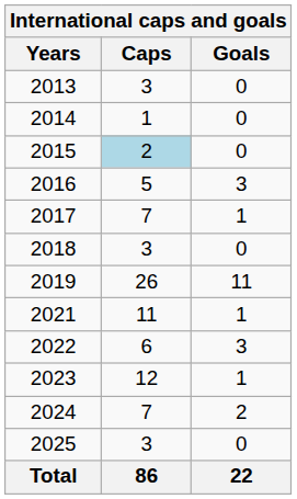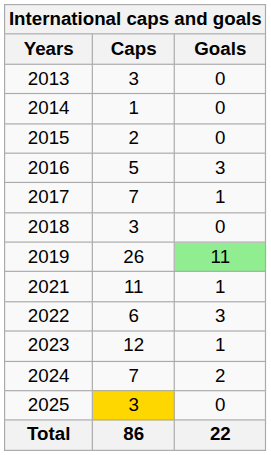 <table class="wikitable sortable" style="text-align:center">
 <tr>
 <th colspan="3">International caps and goals</th>
 </tr>
 <tr>
 <th>Years</th>
 <th>Caps</th>
 <th>Goals</th>
 </tr>
 <tr>
 <td>2013</td>
 <td>3</td>
 <td>0</td>
 </tr>
 <tr>
 <td>2014</td>
 <td>1</td>
 <td>0</td>
 </tr>
 <tr>
 <td>2015</td>
-<td style="background: lightblue;">2</td>
+<td>2</td>
 <td>0</td>
 </tr>
 <tr>
 <td>2016</td>
 <td>5</td>
 <td>3</td>
 </tr>
 <tr>
 <td>2017</td>
 <td>7</td>
 <td>1</td>
 </tr>
 <tr>
 <td>2018</td>
 <td>3</td>
 <td>0</td>
 </tr>
 <tr>
 <td>2019</td>
 <td>26</td>
-<td>11</td>
+<td style="background: lightgreen;">11</td>
 </tr>
 <tr>
 <td>2021</td>
 <td>11</td>
 <td>1</td>
 </tr>
 <tr>
 <td>2022</td>
 <td>6</td>
 <td>3</td>
 </tr>
 <tr>
 <td>2023</td>
 <td>12</td>
 <td>1</td>
 </tr>
 <tr>
 <td>2024</td>
 <td>7</td>
 <td>2</td>
 </tr>
 <tr>
 <td>2025</td>
-<td>3</td>
+<td style="background: gold;">3</td>
 <td>0</td>
 </tr>
 <tr>
 <th>Total</th>
 <th>86</th>
 <th>22</th>
 </tr>
 </table>
